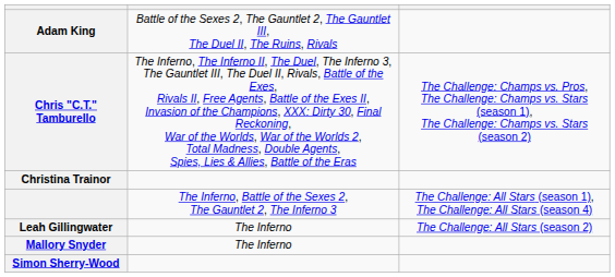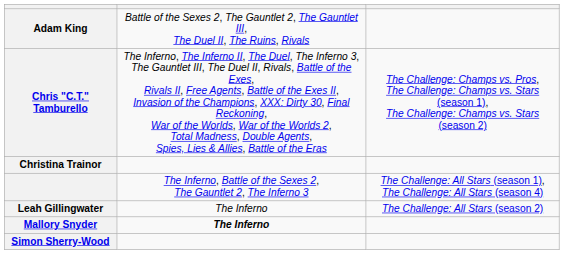 <table class="wikitable sortable" style="text-align:center;">
 <tr>
 <th scope="col"></th>
 <th scope="col"></th>
 <th scope="col"></th>
 </tr>
 <tr>
 <th scope="row">Adam King</th>
 <td><em>Battle of the Sexes 2</em>, <em>The Gauntlet 2</em>, <em><a href='#'>The Gauntlet III</a></em>,<br><em><a href='#'>The Duel II</a></em>, <em><a href='#'>The Ruins</a></em>, <em><a href='#'>Rivals</a></em></td>
 <td></td>
 </tr>
 <tr>
 <th scope="row"><a href='#'>Chris "C.T." Tamburello</a></th>
 <td><em>The Inferno</em>, <em><a href='#'>The Inferno II</a></em>, <em><a href='#'>The Duel</a></em>, <em>The Inferno 3</em>,<br><em>The Gauntlet III</em>, <em>The Duel II</em>, <em>Rivals</em>, <em><a href='#'>Battle of the Exes</a></em>,<br><em><a href='#'>Rivals II</a></em>, <em><a href='#'>Free Agents</a></em>, <em><a href='#'>Battle of the Exes II</a></em>,<br><em><a href='#'>Invasion of the Champions</a></em>, <em><a href='#'>XXX: Dirty 30</a></em>, <em><a href='#'>Final Reckoning</a></em>,<br><em><a href='#'>War of the Worlds</a></em>, <em><a href='#'>War of the Worlds 2</a></em>,<br><em><a href='#'>Total Madness</a></em>, <em><a href='#'>Double Agents</a></em>,<br><em><a href='#'>Spies, Lies & Allies</a></em>, <em><a href='#'>Battle of the Eras</a></em></td>
 <td><em><a href='#'>The Challenge: Champs vs. Pros</a></em>,<br><a href='#'><em>The Challenge: Champs vs. Stars</em> (season 1)</a>,<br><a href='#'><em>The Challenge: Champs vs. Stars</em> (season 2)</a></td>
 </tr>
 <tr>
 <th scope="row">Christina Trainor</th>
 <td></td>
 <td></td>
 </tr>
 <tr>
 <th scope="row"></th>
 <td><em><a href='#'>The Inferno</a></em>, <em><a href='#'>Battle of the Sexes 2</a></em>,<br><em><a href='#'>The Gauntlet 2</a></em>, <em><a href='#'>The Inferno 3</a></em></td>
 <td><a href='#'><em>The Challenge: All Stars</em> (season 1)</a>,<br><a href='#'><em>The Challenge: All Stars</em> (season 4)</a></td>
 </tr>
 <tr>
 <th scope="row">Leah Gillingwater</th>
 <td><em>The Inferno</em></td>
 <td><a href='#'><em>The Challenge: All Stars</em> (season 2)</a></td>
 </tr>
 <tr>
 <th scope="row"><a href='#'>Mallory Snyder</a></th>
-<td><em>The Inferno</em></td>
+<td><strong><em>The Inferno</em></strong></td>
 <td></td>
 </tr>
 <tr>
 <th scope="row"><a href='#'>Simon Sherry-Wood</a></th>
 <td></td>
 <td></td>
 </tr>
 </table>
